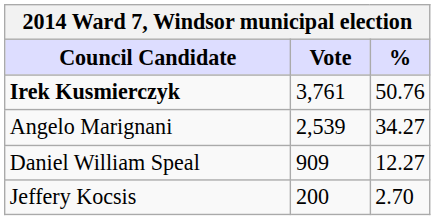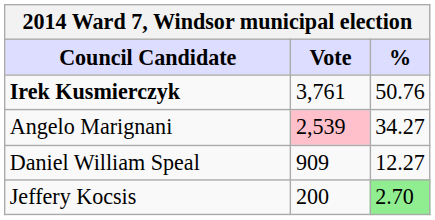 <table class="wikitable sortable">
 <tr>
 <th colspan="3">2014 Ward 7, Windsor municipal election</th>
 </tr>
 <tr>
 <th style="background:#ddf; width:200px;">Council Candidate</th>
 <th style="background:#ddf; width:50px;">Vote</th>
 <th style="background:#ddf; width:30px;">%</th>
 </tr>
 <tr>
 <td><strong>Irek Kusmierczyk</strong></td>
 <td>3,761</td>
 <td>50.76</td>
 </tr>
 <tr>
 <td>Angelo Marignani</td>
-<td>2,539</td>
+<td style="background: pink;">2,539</td>
 <td>34.27</td>
 </tr>
 <tr>
 <td>Daniel William Speal</td>
 <td>909</td>
 <td>12.27</td>
 </tr>
 <tr>
 <td>Jeffery Kocsis</td>
 <td>200</td>
-<td>2.70</td>
+<td style="background: lightgreen;">2.70</td>
 </tr>
 </table>
